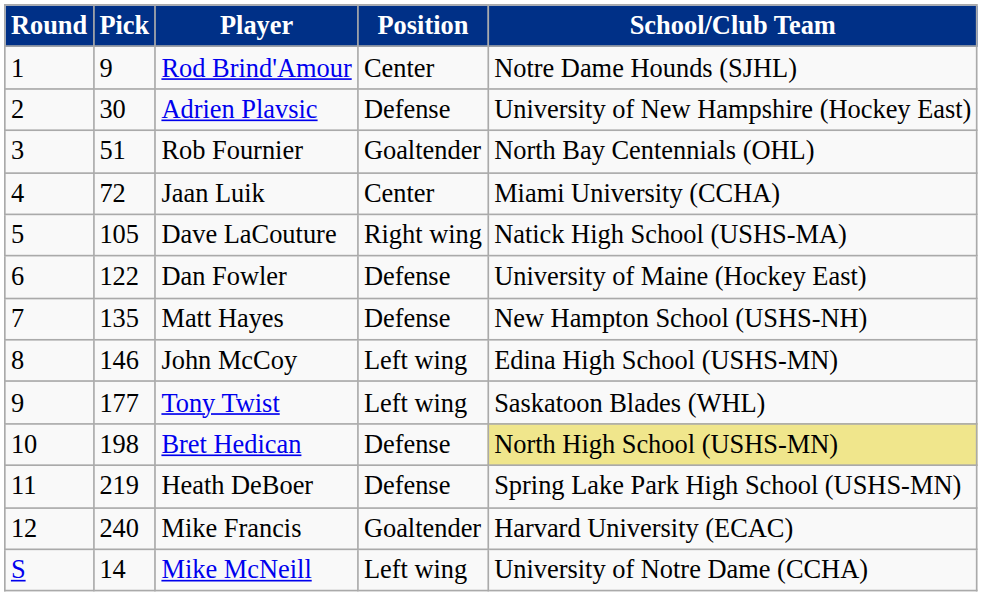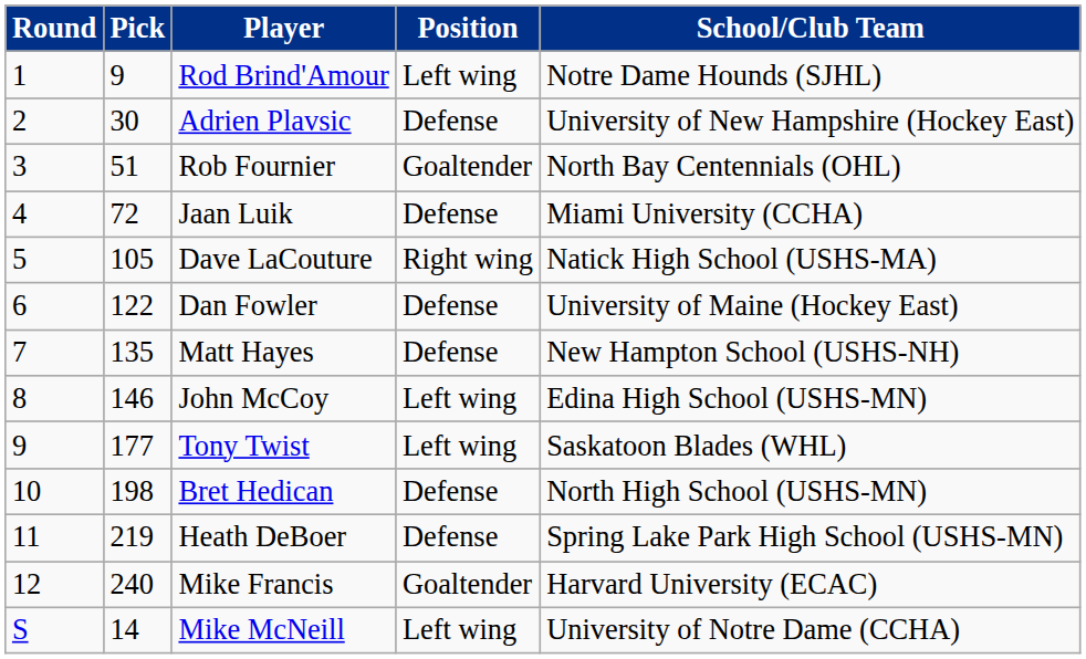 <table class="wikitable sortable sortable">
 <tr>
 <th style="color:white; background:#003087; ">Round</th>
 <th style="color:white; background:#003087; ">Pick</th>
 <th style="color:white; background:#003087; ">Player</th>
 <th style="color:white; background:#003087; ">Position</th>
 <th style="color:white; background:#003087; ">School/Club Team</th>
 </tr>
 <tr>
 <td>1</td>
 <td>9</td>
 <td><a href='#'>Rod Brind'Amour</a></td>
-<td>Center</td>
+<td>Left wing</td>
 <td>Notre Dame Hounds (SJHL)</td>
 </tr>
 <tr>
 <td>2</td>
 <td>30</td>
 <td><a href='#'>Adrien Plavsic</a></td>
 <td>Defense</td>
 <td>University of New Hampshire (Hockey East)</td>
 </tr>
 <tr>
 <td>3</td>
 <td>51</td>
 <td>Rob Fournier</td>
 <td>Goaltender</td>
 <td>North Bay Centennials (OHL)</td>
 </tr>
 <tr>
 <td>4</td>
 <td>72</td>
 <td>Jaan Luik</td>
-<td>Center</td>
+<td>Defense</td>
 <td>Miami University (CCHA)</td>
 </tr>
 <tr>
 <td>5</td>
 <td>105</td>
 <td>Dave LaCouture</td>
 <td>Right wing</td>
 <td>Natick High School (USHS-MA)</td>
 </tr>
 <tr>
 <td>6</td>
 <td>122</td>
 <td>Dan Fowler</td>
 <td>Defense</td>
 <td>University of Maine (Hockey East)</td>
 </tr>
 <tr>
 <td>7</td>
 <td>135</td>
 <td>Matt Hayes</td>
 <td>Defense</td>
 <td>New Hampton School (USHS-NH)</td>
 </tr>
 <tr>
 <td>8</td>
 <td>146</td>
 <td>John McCoy</td>
 <td>Left wing</td>
 <td>Edina High School (USHS-MN)</td>
 </tr>
 <tr>
 <td>9</td>
 <td>177</td>
 <td><a href='#'>Tony Twist</a></td>
 <td>Left wing</td>
 <td>Saskatoon Blades (WHL)</td>
 </tr>
 <tr>
 <td>10</td>
 <td>198</td>
 <td><a href='#'>Bret Hedican</a></td>
 <td>Defense</td>
-<td style="background: khaki;">North High School (USHS-MN)</td>
+<td>North High School (USHS-MN)</td>
 </tr>
 <tr>
 <td>11</td>
 <td>219</td>
 <td>Heath DeBoer</td>
 <td>Defense</td>
 <td>Spring Lake Park High School (USHS-MN)</td>
 </tr>
 <tr>
 <td>12</td>
 <td>240</td>
 <td>Mike Francis</td>
 <td>Goaltender</td>
 <td>Harvard University (ECAC)</td>
 </tr>
 <tr>
 <td><a href='#'>S</a></td>
 <td>14</td>
 <td><a href='#'>Mike McNeill</a></td>
 <td>Left wing</td>
 <td>University of Notre Dame (CCHA)</td>
 </tr>
 </table>
